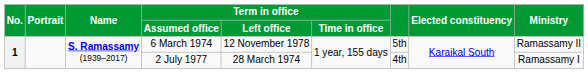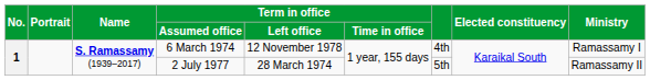 <table class="wikitable sortable" style="text-align:center;">
 <tr>
 <th rowspan=2 style="background-color:#009933;color:white">No.</th>
 <th rowspan=2 style="background-color:#009933;color:white">Portrait</th>
 <th rowspan=2 style="background-color:#009933;color:white">Name<br></th>
 <th colspan=3 style="background-color:#009933;color:white">Term in office</th>
 <th rowspan=2 style="background-color:#009933;color:white"><a href='#'></a><br></th>
 <th rowspan=2 style="background-color:#009933;color:white">Elected constituency</th>
 <th rowspan=2 style="background-color:#009933;color:white">Ministry</th>
 </tr>
 <tr>
 <th style="background-color:#009933;color:white">Assumed office</th>
 <th style="background-color:#009933;color:white">Left office</th>
 <th style="background-color:#009933;color:white">Time in office</th>
 </tr>
 <tr>
 <th rowspan=2>1</th>
 <td rowspan=2></td>
 <td rowspan=2><strong><a href='#'>S. Ramassamy</a></strong><br><small>(1939–2017)</small></td>
 <td>6 March 1974</td>
 <td>12 November 1978</td>
 <td rowspan=2>1 year, 155 days</td>
-<td>5th<br></td>
+<td>4th<br></td>
 <td rowspan=2><a href='#'>Karaikal South</a></td>
-<td>Ramassamy II</td>
+<td>Ramassamy I</td>
 </tr>
 <tr>
 <td>2 July 1977</td>
 <td>28 March 1974</td>
-<td>4th<br></td>
-<td>Ramassamy I</td>
+<td>5th<br></td>
+<td>Ramassamy II</td>
 </tr>
 </table>
